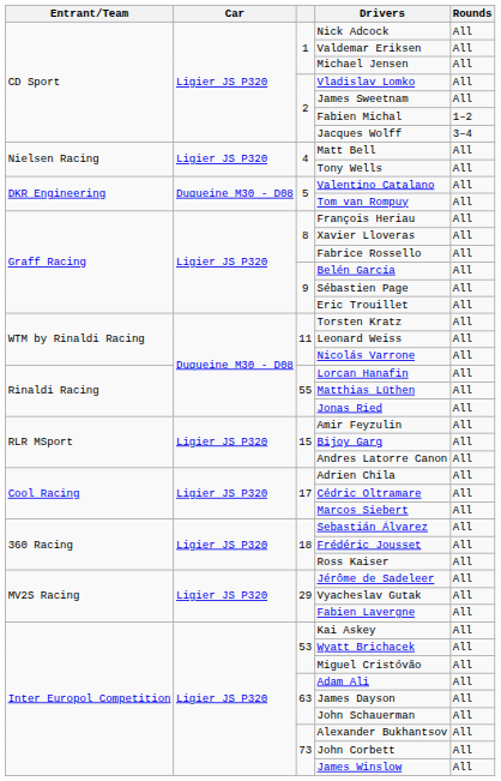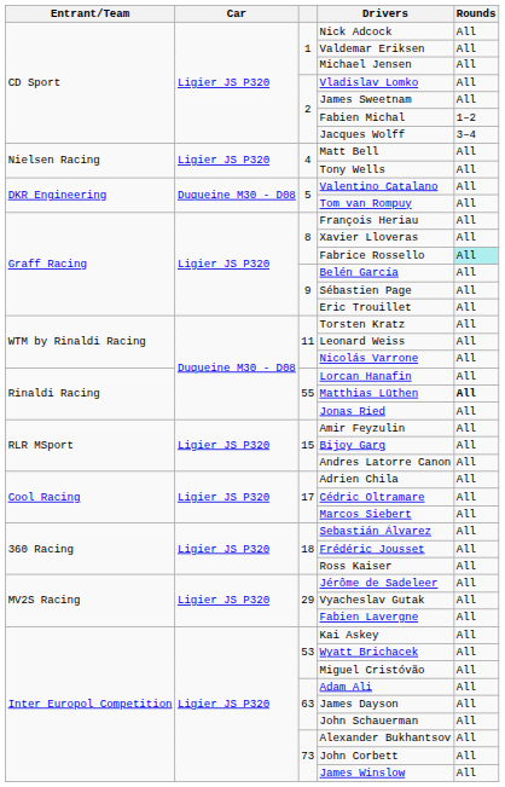 <table class="wikitable" style="font-size: 85%">
 <tr>
 <th>Entrant/Team</th>
 <th>Car</th>
 <th></th>
 <th>Drivers</th>
 <th>Rounds</th>
 </tr>
 <tr>
 <td rowspan="7"> CD Sport</td>
 <td rowspan="7"><a href='#'>Ligier JS P320</a></td>
 <td rowspan="3" align="center">1</td>
 <td> Nick Adcock</td>
 <td>All</td>
 </tr>
 <tr>
 <td> Valdemar Eriksen</td>
 <td>All</td>
 </tr>
 <tr>
 <td> Michael Jensen</td>
 <td>All</td>
 </tr>
 <tr>
 <td rowspan="4" align="center">2</td>
 <td> <a href='#'>Vladislav Lomko</a></td>
 <td>All</td>
 </tr>
 <tr>
 <td> James Sweetnam</td>
 <td>All</td>
 </tr>
 <tr>
 <td> Fabien Michal</td>
 <td>1–2</td>
 </tr>
 <tr>
 <td> Jacques Wolff</td>
 <td>3–4</td>
 </tr>
 <tr>
 <td rowspan="2"> Nielsen Racing</td>
 <td rowspan="2"><a href='#'>Ligier JS P320</a></td>
 <td rowspan="2" align="center">4</td>
 <td> Matt Bell</td>
 <td>All</td>
 </tr>
 <tr>
 <td> Tony Wells</td>
 <td>All</td>
 </tr>
 <tr>
 <td rowspan="2"> <a href='#'>DKR Engineering</a></td>
 <td rowspan="2"><a href='#'>Duqueine M30 - D08</a></td>
 <td rowspan=2 align="center">5</td>
 <td> <a href='#'>Valentino Catalano</a></td>
 <td>All</td>
 </tr>
 <tr>
 <td> <a href='#'>Tom van Rompuy</a></td>
 <td>All</td>
 </tr>
 <tr>
 <td rowspan="6"> <a href='#'>Graff Racing</a></td>
 <td rowspan="6"><a href='#'>Ligier JS P320</a></td>
 <td rowspan=3 align="center">8</td>
 <td> François Heriau</td>
 <td>All</td>
 </tr>
 <tr>
 <td> Xavier Lloveras</td>
 <td>All</td>
 </tr>
 <tr>
 <td> Fabrice Rossello</td>
-<td>All</td>
+<td style="background: paleturquoise;">All</td>
 </tr>
 <tr>
 <td rowspan=3 align="center">9</td>
 <td> <a href='#'>Belén García</a></td>
 <td>All</td>
 </tr>
 <tr>
 <td> Sébastien Page</td>
 <td>All</td>
 </tr>
 <tr>
 <td> Eric Trouillet</td>
 <td>All</td>
 </tr>
 <tr>
 <td rowspan="3"> WTM by Rinaldi Racing</td>
 <td rowspan="6"><a href='#'>Duqueine M30 - D08</a></td>
 <td rowspan="3" align="center">11</td>
 <td> Torsten Kratz</td>
 <td>All</td>
 </tr>
 <tr>
 <td> Leonard Weiss</td>
 <td>All</td>
 </tr>
 <tr>
 <td> <a href='#'>Nicolás Varrone</a></td>
 <td>All</td>
 </tr>
 <tr>
 <td rowspan="3"> Rinaldi Racing</td>
 <td rowspan="3" align="center">55</td>
 <td> <a href='#'>Lorcan Hanafin</a></td>
 <td>All</td>
 </tr>
 <tr>
 <td> <a href='#'>Matthias Lüthen</a></td>
-<td>All</td>
+<td><strong>All</strong></td>
 </tr>
 <tr>
 <td> <a href='#'>Jonas Ried</a></td>
 <td>All</td>
 </tr>
 <tr>
 <td rowspan="3"> RLR MSport</td>
 <td rowspan="3"><a href='#'>Ligier JS P320</a></td>
 <td rowspan="3" align="center">15</td>
 <td> Amir Feyzulin</td>
 <td>All</td>
 </tr>
 <tr>
 <td> <a href='#'>Bijoy Garg</a></td>
 <td>All</td>
 </tr>
 <tr>
 <td> Andres Latorre Canon</td>
 <td>All</td>
 </tr>
 <tr>
 <td rowspan=3> <a href='#'>Cool Racing</a></td>
 <td rowspan=3><a href='#'>Ligier JS P320</a></td>
 <td rowspan=3 align="center">17</td>
 <td> Adrien Chila</td>
 <td>All</td>
 </tr>
 <tr>
 <td> <a href='#'>Cédric Oltramare</a></td>
 <td>All</td>
 </tr>
 <tr>
 <td> <a href='#'>Marcos Siebert</a></td>
 <td>All</td>
 </tr>
 <tr>
 <td rowspan="3"> 360 Racing</td>
 <td rowspan="3"><a href='#'>Ligier JS P320</a></td>
 <td rowspan="3" align="center">18</td>
 <td> <a href='#'>Sebastián Álvarez</a></td>
 <td>All</td>
 </tr>
 <tr>
 <td> <a href='#'>Frédéric Jousset</a></td>
 <td>All</td>
 </tr>
 <tr>
 <td> Ross Kaiser</td>
 <td>All</td>
 </tr>
 <tr>
 <td rowspan="3"> MV2S Racing</td>
 <td rowspan="3"><a href='#'>Ligier JS P320</a></td>
 <td rowspan="3" align="center">29</td>
 <td> <a href='#'>Jérôme de Sadeleer</a></td>
 <td>All</td>
 </tr>
 <tr>
 <td> Vyacheslav Gutak</td>
 <td>All</td>
 </tr>
 <tr>
 <td> <a href='#'>Fabien Lavergne</a></td>
 <td>All</td>
 </tr>
 <tr>
 <td rowspan="9"> <a href='#'>Inter Europol Competition</a></td>
 <td rowspan="9"><a href='#'>Ligier JS P320</a></td>
 <td rowspan=3 align="center">53</td>
 <td> Kai Askey</td>
 <td>All</td>
 </tr>
 <tr>
 <td> <a href='#'>Wyatt Brichacek</a></td>
 <td>All</td>
 </tr>
 <tr>
 <td> Miguel Cristóvão</td>
 <td>All</td>
 </tr>
 <tr>
 <td rowspan=3 align="center">63</td>
 <td> <a href='#'>Adam Ali</a></td>
 <td>All</td>
 </tr>
 <tr>
 <td> James Dayson</td>
 <td>All</td>
 </tr>
 <tr>
 <td> John Schauerman</td>
 <td>All</td>
 </tr>
 <tr>
 <td rowspan=3 align="center">73</td>
 <td> Alexander Bukhantsov</td>
 <td>All</td>
 </tr>
 <tr>
 <td> John Corbett</td>
 <td>All</td>
 </tr>
 <tr>
 <td> <a href='#'>James Winslow</a></td>
 <td>All</td>
 </tr>
 </table>
